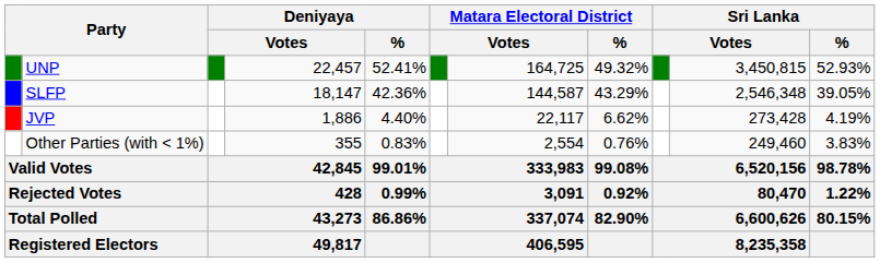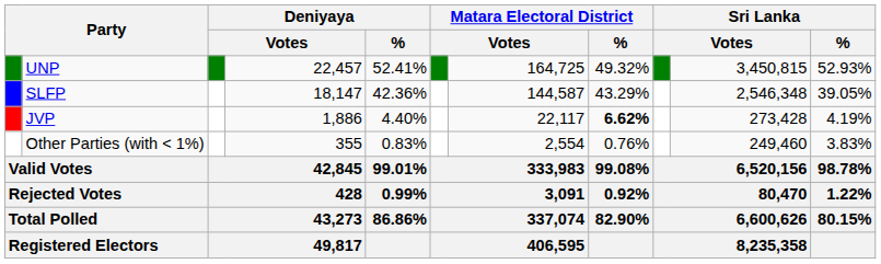 <table class="wikitable">
 <tr>
 <th colspan="2" width="144px"rowspan="2">Party</th>
 <th colspan="3" width="216px">Deniyaya</th>
 <th colspan="3" width="216px"><a href='#'>Matara Electoral District</a></th>
 <th colspan="3" width="216px">Sri Lanka</th>
 </tr>
 <tr>
 <th colspan="2" width="144px">Votes</th>
 <th>%</th>
 <th colspan="2" width="144px">Votes</th>
 <th>%</th>
 <th colspan="2" width="144px">Votes</th>
 <th>%</th>
 </tr>
 <tr>
 <td style="background-color:green;" width="10px"></td>
 <td style="text-align:left;"><a href='#'>UNP</a></td>
 <td style="background-color:green;" width="10px"></td>
 <td style="text-align:right;">22,457</td>
 <td style="text-align:right;">52.41%</td>
 <td style="background-color:green;" width="10px"></td>
 <td style="text-align:right;">164,725</td>
 <td style="text-align:right;">49.32%</td>
 <td style="background-color:green;" width="10px"></td>
 <td style="text-align:right;">3,450,815</td>
 <td style="text-align:right;">52.93%</td>
 </tr>
 <tr>
 <td style="background-color:blue;" width="10px"></td>
 <td style="text-align:left;"><a href='#'>SLFP</a></td>
 <td style="background-color:white;" width="10px"></td>
 <td style="text-align:right;">18,147</td>
 <td style="text-align:right;">42.36%</td>
 <td style="background-color:white;" width="10px"></td>
 <td style="text-align:right;">144,587</td>
 <td style="text-align:right;">43.29%</td>
 <td style="background-color:white;" width="10px"></td>
 <td style="text-align:right;">2,546,348</td>
 <td style="text-align:right;">39.05%</td>
 </tr>
 <tr>
 <td style="background-color:red;" width="10px"></td>
 <td style="text-align:left;"><a href='#'>JVP</a></td>
 <td style="background-color:white;" width="10px"></td>
 <td style="text-align:right;">1,886</td>
 <td style="text-align:right;">4.40%</td>
 <td style="background-color:white;" width="10px"></td>
 <td style="text-align:right;">22,117</td>
-<td style="text-align:right;">6.62%</td>
+<td style="text-align:right;"><strong>6.62%</strong></td>
 <td style="background-color:white;" width="10px"></td>
 <td style="text-align:right;">273,428</td>
 <td style="text-align:right;">4.19%</td>
 </tr>
 <tr>
 <td style="background-color:white;" width="10px"></td>
 <td style="text-align:left;">Other Parties (with < 1%)</td>
 <td style="background-color:white;" width="10px"></td>
 <td style="text-align:right;">355</td>
 <td style="text-align:right;">0.83%</td>
 <td style="background-color:white;" width="10px"></td>
 <td style="text-align:right;">2,554</td>
 <td style="text-align:right;">0.76%</td>
 <td style="background-color:white;" width="10px"></td>
 <td style="text-align:right;">249,460</td>
 <td style="text-align:right;">3.83%</td>
 </tr>
 <tr>
 <th colspan="2" width="144px"style="text-align:left;">Valid Votes</th>
 <th style="text-align:right;"colspan="2" width="144px">42,845</th>
 <th style="text-align:right;">99.01%</th>
 <th style="text-align:right;"colspan="2" width="144px">333,983</th>
 <th style="text-align:right;">99.08%</th>
 <th style="text-align:right;"colspan="2" width="144px">6,520,156</th>
 <th style="text-align:right;">98.78%</th>
 </tr>
 <tr>
 <th colspan="2" width="144px"style="text-align:left;">Rejected Votes</th>
 <th style="text-align:right;"colspan="2" width="144px">428</th>
 <th style="text-align:right;">0.99%</th>
 <th style="text-align:right;"colspan="2" width="144px">3,091</th>
 <th style="text-align:right;">0.92%</th>
 <th style="text-align:right;"colspan="2" width="144px">80,470</th>
 <th style="text-align:right;">1.22%</th>
 </tr>
 <tr>
 <th colspan="2" width="144px"style="text-align:left;">Total Polled</th>
 <th style="text-align:right;"colspan="2" width="144px">43,273</th>
 <th style="text-align:right;">86.86%</th>
 <th style="text-align:right;"colspan="2" width="144px">337,074</th>
 <th style="text-align:right;">82.90%</th>
 <th style="text-align:right;"colspan="2" width="144px">6,600,626</th>
 <th style="text-align:right;">80.15%</th>
 </tr>
 <tr>
 <th colspan="2" width="144px"style="text-align:left;">Registered Electors</th>
 <th style="text-align:right;"colspan="2" width="144px">49,817</th>
 <th></th>
 <th style="text-align:right;"colspan="2" width="144px">406,595</th>
 <th></th>
 <th style="text-align:right;"colspan="2" width="144px">8,235,358</th>
 <th></th>
 </tr>
 </table>
